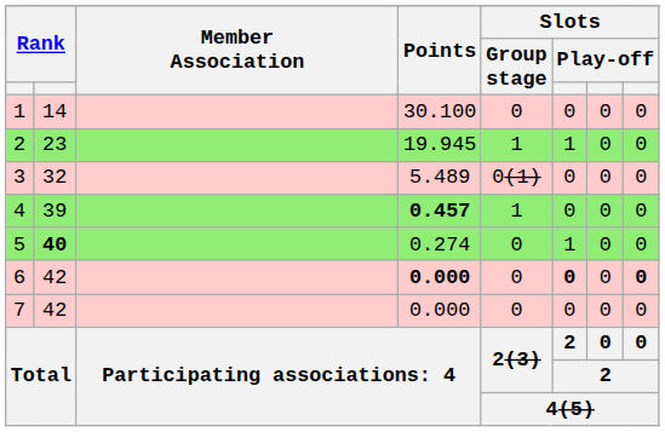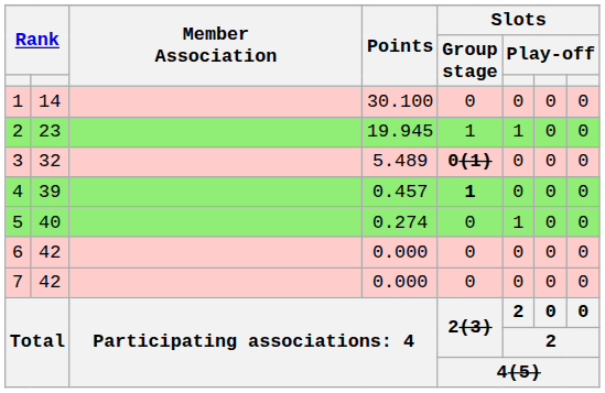 <table class="wikitable" style="text-align:center">
 <tr>
 </tr>
 <tr>
 <th colspan=2 rowspan=2><a href='#'>Rank</a></th>
 <th rowspan=3 width=200>Member<br>Association</th>
 <th rowspan=3>Points</th>
 <th colspan=5>Slots</th>
 </tr>
 <tr>
 <th rowspan=2>Group<br>stage</th>
 <th colspan=4>Play-off</th>
 </tr>
 <tr>
 <th></th>
 <th></th>
 <th></th>
 <th></th>
 <th></th>
 </tr>
 <tr bgcolor=ffcccc>
 <td>1</td>
 <td>14</td>
 <td align=left></td>
 <td>30.100</td>
 <td>0</td>
 <td>0</td>
 <td>0</td>
 <td>0</td>
 </tr>
 <tr bgcolor=#90ee77>
 <td>2</td>
 <td>23</td>
 <td align=left></td>
 <td>19.945</td>
 <td>1</td>
 <td>1</td>
 <td>0</td>
 <td>0</td>
 </tr>
 <tr bgcolor=ffcccc>
 <td>3</td>
 <td>32</td>
 <td align=left></td>
 <td>5.489</td>
-<td>0<s>(1)</s></td>
+<td><strong>0<s>(1)</s></strong></td>
 <td>0</td>
 <td>0</td>
 <td>0</td>
 </tr>
 <tr bgcolor=#90ee77>
 <td>4</td>
 <td>39</td>
 <td align=left></td>
-<td><strong>0.457</strong></td>
-<td>1</td>
+<td>0.457</td>
+<td><strong>1</strong></td>
 <td>0</td>
 <td>0</td>
 <td>0</td>
 </tr>
 <tr bgcolor=#90ee77>
 <td>5</td>
-<td><strong>40</strong></td>
+<td>40</td>
 <td align=left></td>
 <td>0.274</td>
 <td>0</td>
 <td>1</td>
 <td>0</td>
 <td>0</td>
 </tr>
 <tr bgcolor=ffcccc>
 <td>6</td>
 <td>42</td>
 <td align=left></td>
-<td><strong>0.000</strong></td>
+<td>0.000</td>
 <td>0</td>
-<td><strong>0</strong></td>
 <td>0</td>
-<td><strong>0</strong></td>
+<td>0</td>
+<td>0</td>
 </tr>
 <tr bgcolor=ffcccc>
 <td>7</td>
 <td>42</td>
 <td align=left></td>
 <td>0.000</td>
 <td>0</td>
 <td>0</td>
 <td>0</td>
 <td>0</td>
 </tr>
 <tr>
 <th colspan=2 rowspan=3>Total</th>
 <th colspan=2 rowspan=3>Participating associations: 4</th>
 <th rowspan=2>2<s>(3)</s></th>
 <th>2</th>
 <th>0</th>
 <th>0</th>
 </tr>
 <tr>
 <th colspan=3>2</th>
 </tr>
 <tr>
 <th colspan=4>4<s>(5)</s></th>
 </tr>
 </table>
